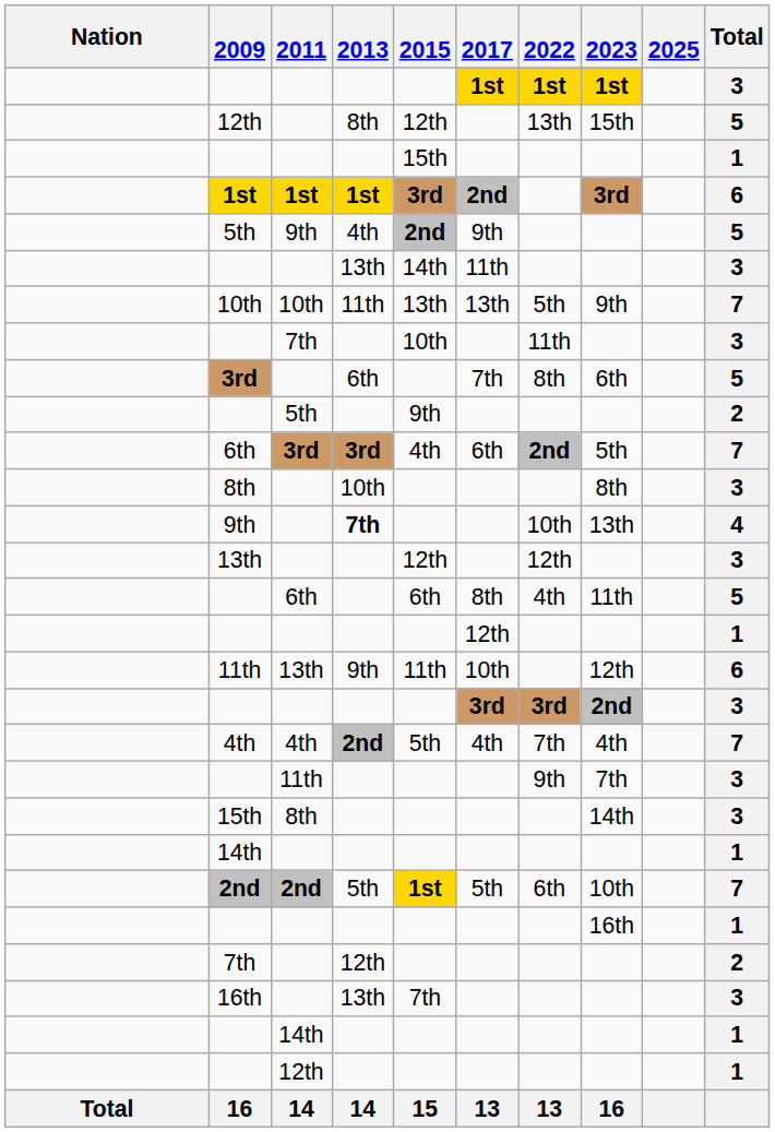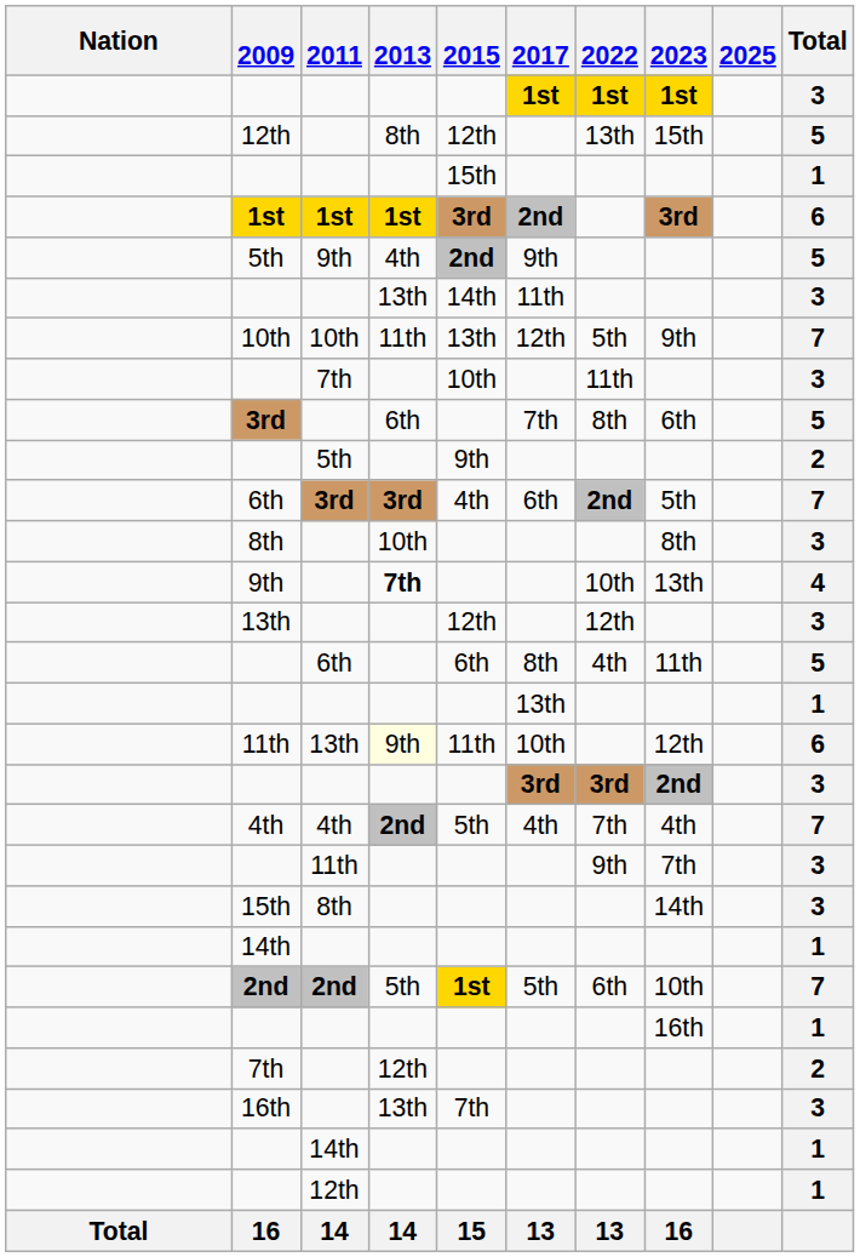 <table class="wikitable" style="text-align:center; font-size:90%">
 <tr>
 <th width=120px>Nation</th>
 <th><br><a href='#'>2009</a></th>
 <th><br><a href='#'>2011</a></th>
 <th><br><a href='#'>2013</a></th>
 <th><br><a href='#'>2015</a></th>
 <th><br><a href='#'>2017</a></th>
 <th><br><a href='#'>2022</a></th>
 <th><br><a href='#'>2023</a></th>
 <th><br><a href='#'>2025</a></th>
 <th>Total</th>
 </tr>
 <tr>
 <td align=left></td>
 <td></td>
 <td></td>
 <td></td>
 <td></td>
 <td bgcolor=gold><strong>1st</strong></td>
 <td bgcolor=gold><strong>1st</strong></td>
 <td bgcolor=gold><strong>1st</strong></td>
 <td></td>
 <th>3</th>
 </tr>
 <tr>
 <td align=left></td>
 <td>12th</td>
 <td></td>
 <td>8th</td>
 <td>12th</td>
 <td></td>
 <td>13th</td>
 <td>15th</td>
 <td></td>
 <th>5</th>
 </tr>
 <tr>
 <td align=left></td>
 <td></td>
 <td></td>
 <td></td>
 <td>15th</td>
 <td></td>
 <td></td>
 <td></td>
 <td></td>
 <th>1</th>
 </tr>
 <tr>
 <td align=left></td>
 <td bgcolor=gold><strong>1st</strong></td>
 <td bgcolor=gold><strong>1st</strong></td>
 <td bgcolor=gold><strong>1st</strong></td>
 <td bgcolor=#cc9966><strong>3rd</strong></td>
 <td bgcolor=silver><strong>2nd</strong></td>
 <td></td>
 <td bgcolor=#cc9966><strong>3rd</strong></td>
 <td></td>
 <th>6</th>
 </tr>
 <tr>
 <td align=left></td>
 <td>5th</td>
 <td>9th</td>
 <td>4th</td>
 <td bgcolor=silver><strong>2nd</strong></td>
 <td>9th</td>
 <td></td>
 <td></td>
 <td></td>
 <th>5</th>
 </tr>
 <tr>
 <td align=left></td>
 <td></td>
 <td></td>
 <td>13th</td>
 <td>14th</td>
 <td>11th</td>
 <td></td>
 <td></td>
 <td></td>
 <th>3</th>
 </tr>
 <tr>
 <td align=left></td>
 <td>10th</td>
 <td>10th</td>
 <td>11th</td>
 <td>13th</td>
-<td>13th</td>
+<td>12th</td>
 <td>5th</td>
 <td>9th</td>
 <td></td>
 <th>7</th>
 </tr>
 <tr>
 <td align=left></td>
 <td></td>
 <td>7th</td>
 <td></td>
 <td>10th</td>
 <td></td>
 <td>11th</td>
 <td></td>
 <td></td>
 <th>3</th>
 </tr>
 <tr>
 <td align=left></td>
 <td bgcolor=#cc9966><strong>3rd</strong></td>
 <td></td>
 <td>6th</td>
 <td></td>
 <td>7th</td>
 <td>8th</td>
 <td>6th</td>
 <td></td>
 <th>5</th>
 </tr>
 <tr>
 <td align=left></td>
 <td></td>
 <td>5th</td>
 <td></td>
 <td>9th</td>
 <td></td>
 <td></td>
 <td></td>
 <td></td>
 <th>2</th>
 </tr>
 <tr>
 <td align=left></td>
 <td>6th</td>
 <td bgcolor=#cc9966><strong>3rd</strong></td>
 <td bgcolor=#cc9966><strong>3rd</strong></td>
 <td>4th</td>
 <td>6th</td>
 <td bgcolor=silver><strong>2nd</strong></td>
 <td>5th</td>
 <td></td>
 <th>7</th>
 </tr>
 <tr>
 <td align=left></td>
 <td>8th</td>
 <td></td>
 <td>10th</td>
 <td></td>
 <td></td>
 <td></td>
 <td>8th</td>
 <td></td>
 <th>3</th>
 </tr>
 <tr>
 <td align=left></td>
 <td>9th</td>
 <td></td>
 <td><strong>7th</strong></td>
 <td></td>
 <td></td>
 <td>10th</td>
 <td>13th</td>
 <td></td>
 <th>4</th>
 </tr>
 <tr>
 <td align=left></td>
 <td>13th</td>
 <td></td>
 <td></td>
 <td>12th</td>
 <td></td>
 <td>12th</td>
 <td></td>
 <td></td>
 <th>3</th>
 </tr>
 <tr>
 <td align=left></td>
 <td></td>
 <td>6th</td>
 <td></td>
 <td>6th</td>
 <td>8th</td>
 <td>4th</td>
 <td>11th</td>
 <td></td>
 <th>5</th>
 </tr>
 <tr>
 <td align=left></td>
 <td></td>
 <td></td>
 <td></td>
 <td></td>
-<td>12th</td>
+<td>13th</td>
 <td></td>
 <td></td>
 <td></td>
 <th>1</th>
 </tr>
 <tr>
 <td align=left></td>
 <td>11th</td>
 <td>13th</td>
-<td>9th</td>
+<td style="background: lightyellow;">9th</td>
 <td>11th</td>
 <td>10th</td>
 <td></td>
 <td>12th</td>
 <td></td>
 <th>6</th>
 </tr>
 <tr>
 <td align=left></td>
 <td></td>
 <td></td>
 <td></td>
 <td></td>
 <td bgcolor=#cc9966><strong>3rd</strong></td>
 <td bgcolor=#cc9966><strong>3rd</strong></td>
 <td bgcolor=silver><strong>2nd</strong></td>
 <td></td>
 <th>3</th>
 </tr>
 <tr>
 <td align=left></td>
 <td>4th</td>
 <td>4th</td>
 <td bgcolor=silver><strong>2nd</strong></td>
 <td>5th</td>
 <td>4th</td>
 <td>7th</td>
 <td>4th</td>
 <td></td>
 <th>7</th>
 </tr>
 <tr>
 <td align=left></td>
 <td></td>
 <td>11th</td>
 <td></td>
 <td></td>
 <td></td>
 <td>9th</td>
 <td>7th</td>
 <td></td>
 <th>3</th>
 </tr>
 <tr>
 <td align=left></td>
 <td>15th</td>
 <td>8th</td>
 <td></td>
 <td></td>
 <td></td>
 <td></td>
 <td>14th</td>
 <td></td>
 <th>3</th>
 </tr>
 <tr>
 <td align=left></td>
 <td>14th</td>
 <td></td>
 <td></td>
 <td></td>
 <td></td>
 <td></td>
 <td></td>
 <td></td>
 <th>1</th>
 </tr>
 <tr>
 <td align=left></td>
 <td bgcolor=silver><strong>2nd</strong></td>
 <td bgcolor=silver><strong>2nd</strong></td>
 <td>5th</td>
 <td bgcolor=gold><strong>1st</strong></td>
 <td>5th</td>
 <td>6th</td>
 <td>10th</td>
 <td></td>
 <th>7</th>
 </tr>
 <tr>
 <td align=left></td>
 <td></td>
 <td></td>
 <td></td>
 <td></td>
 <td></td>
 <td></td>
 <td>16th</td>
 <td></td>
 <th>1</th>
 </tr>
 <tr>
 <td align=left></td>
 <td>7th</td>
 <td></td>
 <td>12th</td>
 <td></td>
 <td></td>
 <td></td>
 <td></td>
 <td></td>
 <th>2</th>
 </tr>
 <tr>
 <td align=left></td>
 <td>16th</td>
 <td></td>
 <td>13th</td>
 <td>7th</td>
 <td></td>
 <td></td>
 <td></td>
 <td></td>
 <th>3</th>
 </tr>
 <tr>
 <td align=left></td>
 <td></td>
 <td>14th</td>
 <td></td>
 <td></td>
 <td></td>
 <td></td>
 <td></td>
 <td></td>
 <th>1</th>
 </tr>
 <tr>
 <td align=left></td>
 <td></td>
 <td>12th</td>
 <td></td>
 <td></td>
 <td></td>
 <td></td>
 <td></td>
 <td></td>
 <th>1</th>
 </tr>
 <tr>
 <th>Total</th>
 <th>16</th>
 <th>14</th>
 <th>14</th>
 <th>15</th>
 <th>13</th>
 <th>13</th>
 <th>16</th>
 <th></th>
 <th></th>
 </tr>
 </table>
